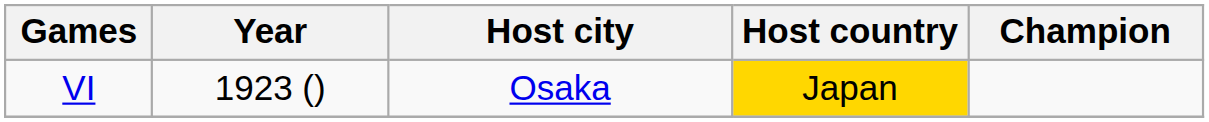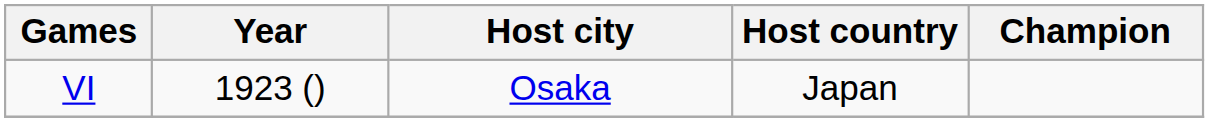 <table class=wikitable style="text-align:center">
 <tr>
 <th width=60>Games</th>
 <th width=100>Year</th>
 <th width=150>Host city</th>
 <th width=100>Host country</th>
 <th width=100>Champion</th>
 </tr>
 <tr>
 <td><a href='#'>VI</a></td>
 <td>1923 ()</td>
 <td><a href='#'>Osaka</a></td>
-<td style="background: gold;">Japan</td>
+<td>Japan</td>
 <td></td>
 </tr>
 <tr>
 </tr>
 </table>
